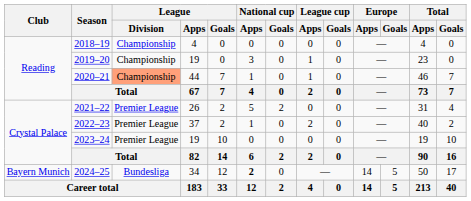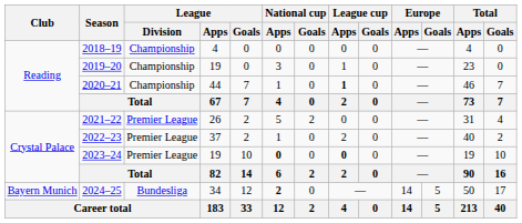 <table class="wikitable" style="text-align:center">
 <tr>
 <th rowspan="2">Club</th>
 <th rowspan="2">Season</th>
 <th colspan="3">League</th>
 <th colspan="2">National cup</th>
 <th colspan="2">League cup</th>
 <th colspan="2">Europe</th>
 <th colspan="2">Total</th>
 </tr>
 <tr>
 <th>Division</th>
 <th>Apps</th>
 <th>Goals</th>
 <th>Apps</th>
 <th>Goals</th>
 <th>Apps</th>
 <th>Goals</th>
 <th>Apps</th>
 <th>Goals</th>
 <th>Apps</th>
 <th>Goals</th>
 </tr>
 <tr>
 <td rowspan="4"><a href='#'>Reading</a></td>
 <td><a href='#'>2018–19</a></td>
 <td><a href='#'>Championship</a></td>
 <td>4</td>
 <td>0</td>
 <td>0</td>
 <td>0</td>
 <td>0</td>
 <td>0</td>
 <td colspan="2">—</td>
 <td>4</td>
 <td>0</td>
 </tr>
 <tr>
 <td><a href='#'>2019–20</a></td>
 <td>Championship</td>
 <td>19</td>
 <td>0</td>
 <td>3</td>
 <td>0</td>
 <td>1</td>
 <td>0</td>
 <td colspan="2">—</td>
 <td>23</td>
 <td>0</td>
 </tr>
 <tr>
 <td><a href='#'>2020–21</a></td>
-<td style="background: lightsalmon;">Championship</td>
+<td>Championship</td>
 <td>44</td>
 <td>7</td>
 <td>1</td>
 <td>0</td>
-<td>1</td>
+<td><strong>1</strong></td>
 <td>0</td>
 <td colspan="2">—</td>
 <td>46</td>
 <td>7</td>
 </tr>
 <tr>
 <th colspan="2">Total</th>
 <th>67</th>
 <th>7</th>
 <th>4</th>
 <th>0</th>
 <th>2</th>
 <th>0</th>
 <th colspan="2">—</th>
 <th>73</th>
 <th>7</th>
 </tr>
 <tr>
 <td rowspan="4"><a href='#'>Crystal Palace</a></td>
 <td><a href='#'>2021–22</a></td>
 <td><a href='#'>Premier League</a></td>
 <td>26</td>
 <td>2</td>
 <td>5</td>
 <td>2</td>
 <td>0</td>
 <td>0</td>
 <td colspan="2">—</td>
 <td>31</td>
 <td>4</td>
 </tr>
 <tr>
 <td><a href='#'>2022–23</a></td>
 <td>Premier League</td>
 <td>37</td>
 <td>2</td>
 <td>1</td>
 <td>0</td>
 <td>2</td>
 <td>0</td>
 <td colspan="2">—</td>
 <td>40</td>
 <td>2</td>
 </tr>
 <tr>
 <td><a href='#'>2023–24</a></td>
 <td>Premier League</td>
 <td>19</td>
 <td>10</td>
+<td><strong>0</strong></td>
 <td>0</td>
-<td>0</td>
-<td>0</td>
+<td><strong>0</strong></td>
 <td>0</td>
 <td colspan="2">—</td>
 <td>19</td>
 <td>10</td>
 </tr>
 <tr>
 <th colspan="2">Total</th>
 <th>82</th>
 <th>14</th>
 <th>6</th>
 <th>2</th>
 <th>2</th>
 <th>0</th>
 <th colspan="2">—</th>
 <th>90</th>
 <th>16</th>
 </tr>
 <tr>
 <td><a href='#'>Bayern Munich</a></td>
 <td><a href='#'>2024–25</a></td>
 <td><a href='#'>Bundesliga</a></td>
 <td>34</td>
 <td>12</td>
 <td><strong>2</strong></td>
 <td>0</td>
 <td colspan="2">—</td>
 <td>14</td>
 <td>5</td>
 <td>50</td>
 <td>17</td>
 </tr>
 <tr>
 <th colspan="3">Career total</th>
 <th>183</th>
 <th>33</th>
 <th>12</th>
 <th>2</th>
 <th>4</th>
 <th>0</th>
 <th>14</th>
 <th>5</th>
 <th>213</th>
 <th>40</th>
 </tr>
 </table>
